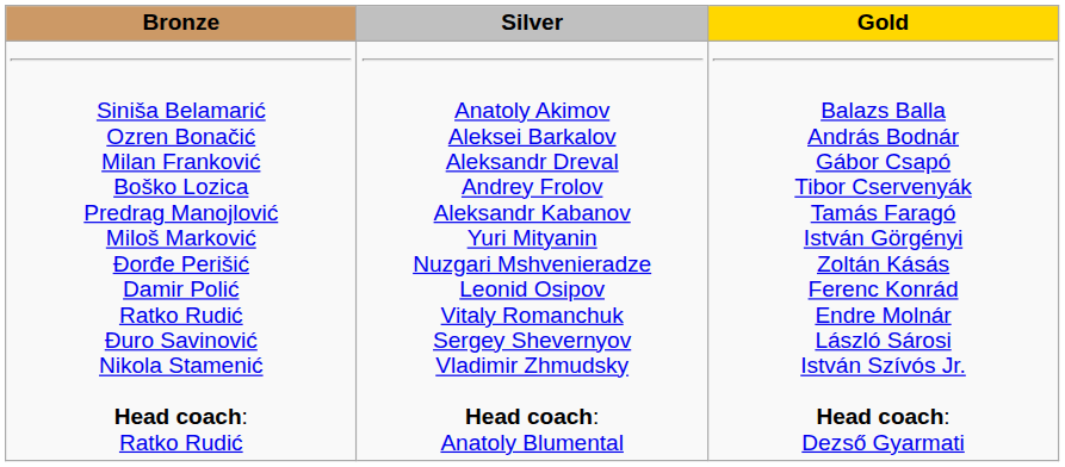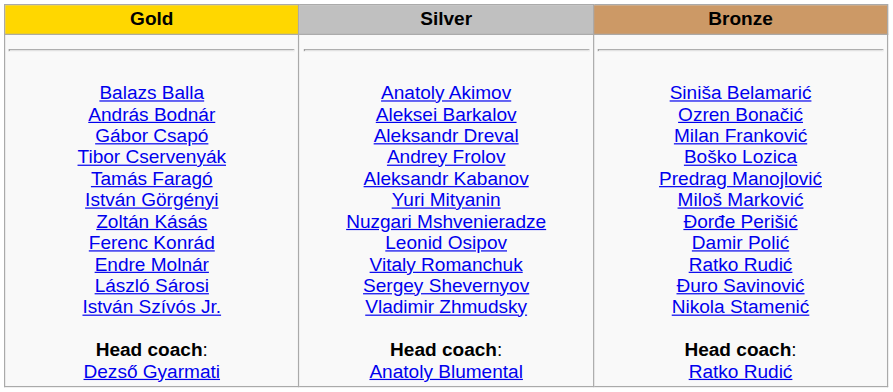 <table class="wikitable">
 <tr>
+<th style="text-align:center; width:15em; background-color:gold;">Gold</th>
+<th style="text-align:center; width:15em; background-color:silver;">Silver</th>
 <th style="text-align:center; width:15em; background-color:#CC9966;">Bronze</th>
-<th style="text-align:center; width:15em; background-color:silver;">Silver</th>
-<th style="text-align:center; width:15em; background-color:gold;">Gold</th>
 </tr>
 <tr>
+<td style="text-align:center; vertical-align:top;"><strong></strong><hr><br><a href='#'>Balazs Balla</a><br> <a href='#'>András Bodnár</a><br> <a href='#'>Gábor Csapó</a><br> <a href='#'>Tibor Cservenyák</a><br> <a href='#'>Tamás Faragó</a><br> <a href='#'>István Görgényi</a><br> <a href='#'>Zoltán Kásás</a><br> <a href='#'>Ferenc Konrád</a><br> <a href='#'>Endre Molnár</a><br> <a href='#'>László Sárosi</a><br> <a href='#'>István Szívós Jr.</a><br><br><strong>Head coach</strong>: <br><a href='#'>Dezső Gyarmati</a></td>
+<td style="text-align:center; vertical-align:top;"><strong></strong><hr><br><a href='#'>Anatoly Akimov</a><br> <a href='#'>Aleksei Barkalov</a><br> <a href='#'>Aleksandr Dreval</a><br> <a href='#'>Andrey Frolov</a><br> <a href='#'>Aleksandr Kabanov</a><br> <a href='#'>Yuri Mityanin</a><br> <a href='#'>Nuzgari Mshvenieradze</a><br> <a href='#'>Leonid Osipov</a><br> <a href='#'>Vitaly Romanchuk</a><br> <a href='#'>Sergey Shevernyov</a><br> <a href='#'>Vladimir Zhmudsky</a><br><br><strong>Head coach</strong>: <br><a href='#'>Anatoly Blumental</a></td>
 <td style="text-align:center; vertical-align:top;"><strong></strong><hr><br><a href='#'>Siniša Belamarić</a><br> <a href='#'>Ozren Bonačić</a><br> <a href='#'>Milan Franković</a><br> <a href='#'>Boško Lozica</a><br> <a href='#'>Predrag Manojlović</a><br> <a href='#'>Miloš Marković</a><br> <a href='#'>Đorđe Perišić</a><br> <a href='#'>Damir Polić</a><br> <a href='#'>Ratko Rudić</a><br> <a href='#'>Đuro Savinović</a><br> <a href='#'>Nikola Stamenić</a><br><br><strong>Head coach</strong>: <br><a href='#'>Ratko Rudić</a></td>
-<td style="text-align:center; vertical-align:top;"><strong></strong><hr><br><a href='#'>Anatoly Akimov</a><br> <a href='#'>Aleksei Barkalov</a><br> <a href='#'>Aleksandr Dreval</a><br> <a href='#'>Andrey Frolov</a><br> <a href='#'>Aleksandr Kabanov</a><br> <a href='#'>Yuri Mityanin</a><br> <a href='#'>Nuzgari Mshvenieradze</a><br> <a href='#'>Leonid Osipov</a><br> <a href='#'>Vitaly Romanchuk</a><br> <a href='#'>Sergey Shevernyov</a><br> <a href='#'>Vladimir Zhmudsky</a><br><br><strong>Head coach</strong>: <br><a href='#'>Anatoly Blumental</a></td>
-<td style="text-align:center; vertical-align:top;"><strong></strong><hr><br><a href='#'>Balazs Balla</a><br> <a href='#'>András Bodnár</a><br> <a href='#'>Gábor Csapó</a><br> <a href='#'>Tibor Cservenyák</a><br> <a href='#'>Tamás Faragó</a><br> <a href='#'>István Görgényi</a><br> <a href='#'>Zoltán Kásás</a><br> <a href='#'>Ferenc Konrád</a><br> <a href='#'>Endre Molnár</a><br> <a href='#'>László Sárosi</a><br> <a href='#'>István Szívós Jr.</a><br><br><strong>Head coach</strong>: <br><a href='#'>Dezső Gyarmati</a></td>
 </tr>
 </table>
